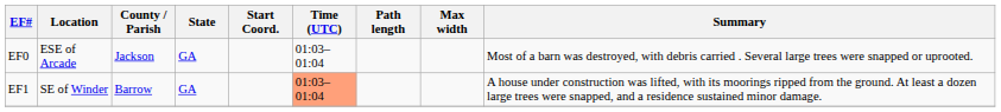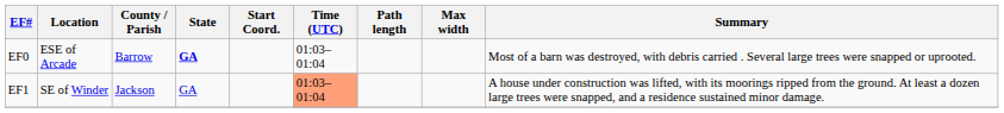 <table class="wikitable sortable" style="width:100%;">
 <tr>
 <th scope="col" style="width:3%; text-align:center;"><a href='#'>EF#</a></th>
 <th scope="col" style="width:7%; text-align:center;" class="unsortable">Location</th>
 <th scope="col" style="width:6%; text-align:center;" class="unsortable">County / Parish</th>
 <th scope="col" style="width:5%; text-align:center;">State</th>
 <th scope="col" style="width:6%; text-align:center;">Start Coord.</th>
 <th scope="col" style="width:6%; text-align:center;">Time (<a href='#'>UTC</a>)</th>
 <th scope="col" style="width:6%; text-align:center;">Path length</th>
 <th scope="col" style="width:6%; text-align:center;">Max width</th>
 <th scope="col" class="unsortable" style="width:48%; text-align:center;">Summary</th>
 </tr>
 <tr>
 <td>EF0</td>
 <td>ESE of <a href='#'>Arcade</a></td>
-<td><a href='#'>Jackson</a></td>
-<td><a href='#'>GA</a></td>
+<td><a href='#'>Barrow</a></td>
+<td><strong><a href='#'>GA</a></strong></td>
 <td></td>
 <td>01:03–01:04</td>
 <td></td>
 <td></td>
 <td>Most of a barn was destroyed, with debris carried . Several large trees were snapped or uprooted.</td>
 </tr>
 <tr>
 <td>EF1</td>
 <td>SE of <a href='#'>Winder</a></td>
-<td><a href='#'>Barrow</a></td>
+<td><a href='#'>Jackson</a></td>
 <td><a href='#'>GA</a></td>
 <td></td>
 <td style="background: lightsalmon;">01:03–01:04</td>
 <td></td>
 <td></td>
 <td>A house under construction was lifted, with its moorings ripped from the ground. At least a dozen large trees were snapped, and a residence sustained minor damage.</td>
 </tr>
 <tr>
 </tr>
 </table>
